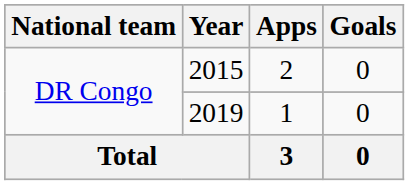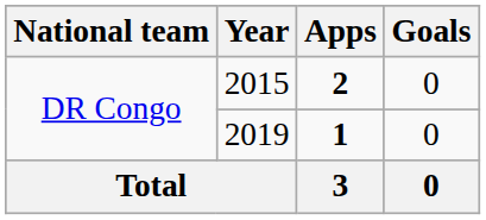 <table class="wikitable" style="text-align:center">
 <tr>
 <th>National team</th>
 <th>Year</th>
 <th>Apps</th>
 <th>Goals</th>
 </tr>
 <tr>
 <td rowspan="2"><a href='#'>DR Congo</a></td>
 <td>2015</td>
-<td>2</td>
+<td><strong>2</strong></td>
 <td>0</td>
 </tr>
 <tr>
 <td>2019</td>
-<td>1</td>
+<td><strong>1</strong></td>
 <td>0</td>
 </tr>
 <tr>
 <th colspan="2">Total</th>
 <th>3</th>
 <th>0</th>
 </tr>
 </table>
